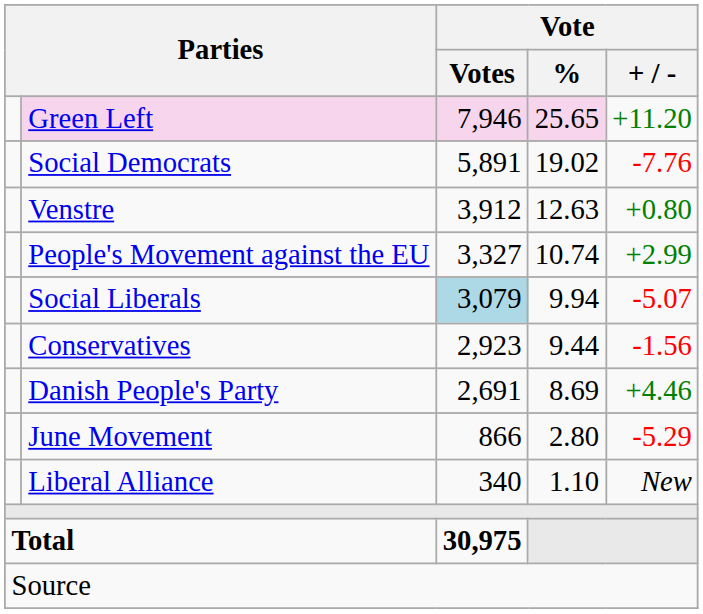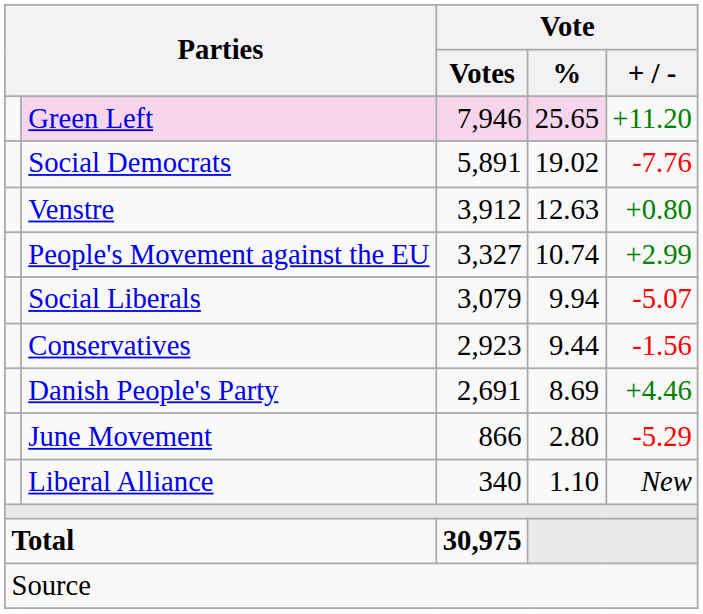 <table class="wikitable" style="text-align:right;">
 <tr>
 <th style="text-align:centre;" rowspan="2" colspan="2" width="225">Parties</th>
 <th colspan="3">Vote</th>
 </tr>
 <tr>
 <th width="15">Votes</th>
 <th width="15">%</th>
 <th width="15">+ / -</th>
 </tr>
 <tr>
 <td width="2" style="color:inherit;background:"></td>
 <td bgcolor=#f7d5ed   align="left"><a href='#'>Green Left</a></td>
 <td bgcolor=#f7d5ed>7,946</td>
 <td bgcolor=#f7d5ed>25.65</td>
 <td style=color:green;>+11.20</td>
 </tr>
 <tr>
 <td width="2" style="color:inherit;background:"></td>
 <td align="left"><a href='#'>Social Democrats</a></td>
 <td>5,891</td>
 <td>19.02</td>
 <td style=color:red;>-7.76</td>
 </tr>
 <tr>
 <td width="2" style="color:inherit;background:"></td>
 <td align="left"><a href='#'>Venstre</a></td>
 <td>3,912</td>
 <td>12.63</td>
 <td style=color:green;>+0.80</td>
 </tr>
 <tr>
 <td width="2" style="color:inherit;background:"></td>
 <td align="left"><a href='#'>People's Movement against the EU</a></td>
 <td>3,327</td>
 <td>10.74</td>
 <td style=color:green;>+2.99</td>
 </tr>
 <tr>
 <td width="2" style="color:inherit;background:"></td>
 <td align="left"><a href='#'>Social Liberals</a></td>
-<td style="background: lightblue;">3,079</td>
+<td>3,079</td>
 <td>9.94</td>
 <td style=color:red;>-5.07</td>
 </tr>
 <tr>
 <td width="2" style="color:inherit;background:"></td>
 <td align="left"><a href='#'>Conservatives</a></td>
 <td>2,923</td>
 <td>9.44</td>
 <td style=color:red;>-1.56</td>
 </tr>
 <tr>
 <td width="2" style="color:inherit;background:"></td>
 <td align="left"><a href='#'>Danish People's Party</a></td>
 <td>2,691</td>
 <td>8.69</td>
 <td style=color:green;>+4.46</td>
 </tr>
 <tr>
 <td width="2" style="color:inherit;background:"></td>
 <td align="left"><a href='#'>June Movement</a></td>
 <td>866</td>
 <td>2.80</td>
 <td style=color:red;>-5.29</td>
 </tr>
 <tr>
 <td width="2" style="color:inherit;background:"></td>
 <td align="left"><a href='#'>Liberal Alliance</a></td>
 <td>340</td>
 <td>1.10</td>
 <td><em>New</em></td>
 </tr>
 <tr>
 <td colspan="7" bgcolor="#E9E9E9"></td>
 </tr>
 <tr>
 <td align="left" colspan="2"><strong>Total</strong></td>
 <td><strong>30,975</strong></td>
 <td bgcolor="#E9E9E9" colspan="2"></td>
 </tr>
 <tr>
 <td align="left" colspan="6">Source</td>
 </tr>
 </table>
